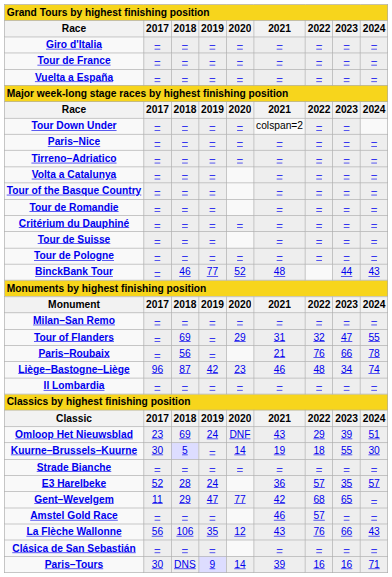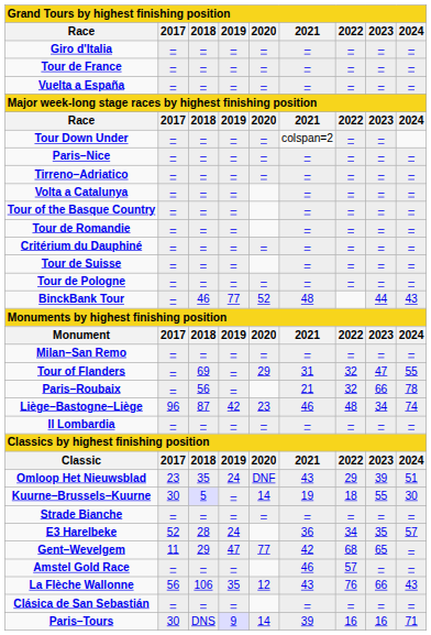 <table class="wikitable">
 <tr>
 <td colspan="33" style="background:#F7D51C;"><strong>Grand Tours by highest finishing position</strong></td>
 </tr>
 <tr>
 <th>Race</th>
 <th>2017</th>
 <th>2018</th>
 <th>2019</th>
 <th>2020</th>
 <th>2021</th>
 <th>2022</th>
 <th>2023</th>
 <th>2024</th>
 </tr>
 <tr align="center">
 <td><strong><a href='#'>Giro d'Italia</a></strong></td>
 <td style="background:#eee;"><a href='#'>–</a></td>
 <td style="background:#eee;"><a href='#'>–</a></td>
 <td style="background:#eee;"><a href='#'>–</a></td>
 <td style="background:#eee;"><a href='#'>–</a></td>
 <td style="background:#eee;"><a href='#'>–</a></td>
 <td style="background:#eee;"><a href='#'>–</a></td>
 <td style="background:#eee;"><a href='#'>–</a></td>
 <td style="background:#eee;"><a href='#'>–</a></td>
 </tr>
 <tr align="center">
 <td><strong><a href='#'>Tour de France</a></strong></td>
 <td style="background:#eee;"><a href='#'>–</a></td>
 <td style="background:#eee;"><a href='#'>–</a></td>
 <td style="background:#eee;"><a href='#'>–</a></td>
 <td style="background:#eee;"><a href='#'>–</a></td>
 <td style="background:#eee;"><a href='#'>–</a></td>
 <td style="background:#eee;"><a href='#'>–</a></td>
 <td style="background:#eee;"><a href='#'>–</a></td>
 <td style="background:#eee;"><a href='#'>–</a></td>
 </tr>
 <tr align="center">
 <td><strong><a href='#'>Vuelta a España</a></strong></td>
 <td style="background:#eee;"><a href='#'>–</a></td>
 <td style="background:#eee;"><a href='#'>–</a></td>
 <td style="background:#eee;"><a href='#'>–</a></td>
 <td style="background:#eee;"><a href='#'>–</a></td>
 <td style="background:#eee;"><a href='#'>–</a></td>
 <td style="background:#eee;"><a href='#'>–</a></td>
 <td style="background:#eee;"><a href='#'>–</a></td>
 <td style="background:#eee;"><a href='#'>–</a></td>
 </tr>
 <tr>
 <td colspan="33" style="background:#F7D51C;"><strong>Major week-long stage races by highest finishing position</strong></td>
 </tr>
 <tr>
 <th>Race</th>
 <th>2017</th>
 <th>2018</th>
 <th>2019</th>
 <th>2020</th>
 <th>2021</th>
 <th>2022</th>
 <th>2023</th>
 <th>2024</th>
 </tr>
 <tr align="center">
 <td><strong><a href='#'>Tour Down Under</a></strong></td>
 <td style="background:#eee;"><a href='#'>–</a></td>
 <td style="background:#eee;"><a href='#'>–</a></td>
 <td style="background:#eee;"><a href='#'>–</a></td>
 <td style="background:#eee;"><a href='#'>–</a></td>
 <td>colspan=2 </td>
 <td style="background:#eee;"><a href='#'>–</a></td>
 <td style="background:#eee;"><a href='#'>–</a></td>
 </tr>
 <tr align="center">
 <td><strong><a href='#'>Paris–Nice</a></strong></td>
 <td style="background:#eee;"><a href='#'>–</a></td>
 <td style="background:#eee;"><a href='#'>–</a></td>
 <td style="background:#eee;"><a href='#'>–</a></td>
 <td style="background:#eee;"><a href='#'>–</a></td>
 <td style="background:#eee;"><a href='#'>–</a></td>
 <td style="background:#eee;"><a href='#'>–</a></td>
 <td style="background:#eee;"><a href='#'>–</a></td>
 <td style="background:#eee;"><a href='#'>–</a></td>
 </tr>
 <tr align="center">
 <td><strong><a href='#'>Tirreno–Adriatico</a></strong></td>
 <td style="background:#eee;"><a href='#'>–</a></td>
 <td style="background:#eee;"><a href='#'>–</a></td>
 <td style="background:#eee;"><a href='#'>–</a></td>
 <td style="background:#eee;"><a href='#'>–</a></td>
 <td style="background:#eee;"><a href='#'>–</a></td>
 <td style="background:#eee;"><a href='#'>–</a></td>
 <td style="background:#eee;"><a href='#'>–</a></td>
 <td style="background:#eee;"><a href='#'>–</a></td>
 </tr>
 <tr align="center">
 <td><strong><a href='#'>Volta a Catalunya</a></strong></td>
 <td style="background:#eee;"><a href='#'>–</a></td>
 <td style="background:#eee;"><a href='#'>–</a></td>
 <td style="background:#eee;"><a href='#'>–</a></td>
 <td></td>
 <td style="background:#eee;"><a href='#'>–</a></td>
 <td style="background:#eee;"><a href='#'>–</a></td>
 <td style="background:#eee;"><a href='#'>–</a></td>
 <td style="background:#eee;"><a href='#'>–</a></td>
 </tr>
 <tr align="center">
 <td><strong><a href='#'>Tour of the Basque Country</a></strong></td>
 <td style="background:#eee;"><a href='#'>–</a></td>
 <td style="background:#eee;"><a href='#'>–</a></td>
 <td style="background:#eee;"><a href='#'>–</a></td>
 <td></td>
 <td style="background:#eee;"><a href='#'>–</a></td>
 <td style="background:#eee;"><a href='#'>–</a></td>
 <td style="background:#eee;"><a href='#'>–</a></td>
 <td style="background:#eee;"><a href='#'>–</a></td>
 </tr>
 <tr align="center">
 <td><strong><a href='#'>Tour de Romandie</a></strong></td>
 <td style="background:#eee;"><a href='#'>–</a></td>
 <td style="background:#eee;"><a href='#'>–</a></td>
 <td style="background:#eee;"><a href='#'>–</a></td>
 <td></td>
 <td style="background:#eee;"><a href='#'>–</a></td>
 <td style="background:#eee;"><a href='#'>–</a></td>
 <td style="background:#eee;"><a href='#'>–</a></td>
 <td style="background:#eee;"><a href='#'>–</a></td>
 </tr>
 <tr align="center">
 <td><strong><a href='#'>Critérium du Dauphiné</a></strong></td>
 <td style="background:#eee;"><a href='#'>–</a></td>
 <td style="background:#eee;"><a href='#'>–</a></td>
 <td style="background:#eee;"><a href='#'>–</a></td>
 <td style="background:#eee;"><a href='#'>–</a></td>
 <td style="background:#eee;"><a href='#'>–</a></td>
 <td style="background:#eee;"><a href='#'>–</a></td>
 <td style="background:#eee;"><a href='#'>–</a></td>
 <td style="background:#eee;"><a href='#'>–</a></td>
 </tr>
 <tr align="center">
 <td><strong><a href='#'>Tour de Suisse</a></strong></td>
 <td style="background:#eee;"><a href='#'>–</a></td>
 <td style="background:#eee;"><a href='#'>–</a></td>
 <td style="background:#eee;"><a href='#'>–</a></td>
 <td></td>
 <td style="background:#eee;"><a href='#'>–</a></td>
 <td style="background:#eee;"><a href='#'>–</a></td>
 <td style="background:#eee;"><a href='#'>–</a></td>
 <td style="background:#eee;"><a href='#'>–</a></td>
 </tr>
 <tr align="center">
 <td><strong><a href='#'>Tour de Pologne</a></strong></td>
 <td style="background:#eee;"><a href='#'>–</a></td>
 <td style="background:#eee;"><a href='#'>–</a></td>
 <td style="background:#eee;"><a href='#'>–</a></td>
 <td style="background:#eee;"><a href='#'>–</a></td>
 <td style="background:#eee;"><a href='#'>–</a></td>
 <td style="background:#eee;"><a href='#'>–</a></td>
 <td style="background:#eee;"><a href='#'>–</a></td>
 <td style="background:#eee;"><a href='#'>–</a></td>
 </tr>
 <tr align="center">
 <td><strong><a href='#'>BinckBank Tour</a></strong></td>
 <td style="background:#eee;"><a href='#'>–</a></td>
 <td style="background:#eee;"><a href='#'>46</a></td>
 <td style="background:#eee;"><a href='#'>77</a></td>
 <td style="background:#eee;"><a href='#'>52</a></td>
 <td style="background:#eee;"><a href='#'>48</a></td>
 <td></td>
 <td style="background:#eee;"><a href='#'>44</a></td>
 <td style="background:#eee;"><a href='#'>43</a></td>
 </tr>
 <tr>
 <td colspan="33" style="background:#F7D51C;"><strong>Monuments by highest finishing position</strong></td>
 </tr>
 <tr>
 <th>Monument</th>
 <th>2017</th>
 <th>2018</th>
 <th>2019</th>
 <th>2020</th>
 <th>2021</th>
 <th>2022</th>
 <th>2023</th>
 <th>2024</th>
 </tr>
 <tr align="center">
 <td><strong><a href='#'>Milan–San Remo</a></strong></td>
 <td style="background:#eee;"><a href='#'>–</a></td>
 <td style="background:#eee;"><a href='#'>–</a></td>
 <td style="background:#eee;"><a href='#'>–</a></td>
 <td style="background:#eee;"><a href='#'>–</a></td>
 <td style="background:#eee;"><a href='#'>–</a></td>
 <td style="background:#eee;"><a href='#'>–</a></td>
 <td style="background:#eee;"><a href='#'>–</a></td>
 <td style="background:#eee;"><a href='#'>–</a></td>
 </tr>
 <tr align="center">
 <td><strong><a href='#'>Tour of Flanders</a></strong></td>
 <td style="background:#eee;"><a href='#'>–</a></td>
 <td style="background:#eee;"><a href='#'>69</a></td>
 <td style="background:#eee;"><a href='#'>–</a></td>
 <td style="background:#eee;"><a href='#'>29</a></td>
 <td style="background:#eee;"><a href='#'>31</a></td>
 <td style="background:#eee;"><a href='#'>32</a></td>
 <td style="background:#eee;"><a href='#'>47</a></td>
 <td style="background:#eee;"><a href='#'>55</a></td>
 </tr>
 <tr align="center">
 <td><strong><a href='#'>Paris–Roubaix</a></strong></td>
 <td style="background:#eee;"><a href='#'>–</a></td>
 <td style="background:#eee;"><a href='#'>56</a></td>
 <td style="background:#eee;"><a href='#'>–</a></td>
 <td></td>
 <td style="background:#eee;"><a href='#'>21</a></td>
-<td style="background:#eee;"><a href='#'>76</a></td>
+<td style="background:#eee;"><a href='#'>32</a></td>
 <td style="background:#eee;"><a href='#'>66</a></td>
 <td style="background:#eee;"><a href='#'>78</a></td>
 </tr>
 <tr align="center">
 <td><strong><a href='#'>Liège–Bastogne–Liège</a></strong></td>
 <td style="background:#eee;"><a href='#'>96</a></td>
 <td style="background:#eee;"><a href='#'>87</a></td>
 <td style="background:#eee;"><a href='#'>42</a></td>
 <td style="background:#eee;"><a href='#'>23</a></td>
 <td style="background:#eee;"><a href='#'>46</a></td>
 <td style="background:#eee;"><a href='#'>48</a></td>
 <td style="background:#eee;"><a href='#'>34</a></td>
 <td style="background:#eee;"><a href='#'>74</a></td>
 </tr>
 <tr align="center">
 <td><strong><a href='#'>Il Lombardia</a></strong></td>
 <td style="background:#eee;"><a href='#'>–</a></td>
 <td style="background:#eee;"><a href='#'>–</a></td>
 <td style="background:#eee;"><a href='#'>–</a></td>
 <td style="background:#eee;"><a href='#'>–</a></td>
 <td style="background:#eee;"><a href='#'>–</a></td>
 <td style="background:#eee;"><a href='#'>–</a></td>
 <td style="background:#eee;"><a href='#'>–</a></td>
 <td style="background:#eee;"><a href='#'>–</a></td>
 </tr>
 <tr>
 <td colspan="33" style="background:#F7D51C;"><strong>Classics by highest finishing position</strong></td>
 </tr>
 <tr>
 <th>Classic</th>
 <th>2017</th>
 <th>2018</th>
 <th>2019</th>
 <th>2020</th>
 <th>2021</th>
 <th>2022</th>
 <th>2023</th>
 <th>2024</th>
 </tr>
 <tr align="center">
 <td><strong><a href='#'>Omloop Het Nieuwsblad</a></strong></td>
 <td style="background:#eee;"><a href='#'>23</a></td>
-<td style="background:#eee;"><a href='#'>69</a></td>
+<td style="background:#eee;"><a href='#'>35</a></td>
 <td style="background:#eee;"><a href='#'>24</a></td>
 <td style="background:#eee;"><a href='#'>DNF</a></td>
 <td style="background:#eee;"><a href='#'>43</a></td>
 <td style="background:#eee;"><a href='#'>29</a></td>
 <td style="background:#eee;"><a href='#'>39</a></td>
 <td style="background:#eee;"><a href='#'>51</a></td>
 </tr>
 <tr align="center">
 <td><strong><a href='#'>Kuurne–Brussels–Kuurne</a></strong></td>
 <td style="background:#eee;"><a href='#'>30</a></td>
 <td style="background:#ddf;"><a href='#'>5</a></td>
 <td style="background:#eee;"><a href='#'>–</a></td>
 <td style="background:#eee;"><a href='#'>14</a></td>
 <td style="background:#eee;"><a href='#'>19</a></td>
 <td style="background:#eee;"><a href='#'>18</a></td>
 <td style="background:#eee;"><a href='#'>55</a></td>
 <td style="background:#eee;"><a href='#'>30</a></td>
 </tr>
 <tr align="center">
 <td><strong><a href='#'>Strade Bianche</a></strong></td>
 <td style="background:#eee;"><a href='#'>–</a></td>
 <td style="background:#eee;"><a href='#'>–</a></td>
 <td style="background:#eee;"><a href='#'>–</a></td>
 <td style="background:#eee;"><a href='#'>–</a></td>
 <td style="background:#eee;"><a href='#'>–</a></td>
 <td style="background:#eee;"><a href='#'>–</a></td>
 <td style="background:#eee;"><a href='#'>–</a></td>
 <td style="background:#eee;"><a href='#'>–</a></td>
 </tr>
 <tr align="center">
 <td><strong><a href='#'>E3 Harelbeke</a></strong></td>
 <td style="background:#eee;"><a href='#'>52</a></td>
 <td style="background:#eee;"><a href='#'>28</a></td>
 <td style="background:#eee;"><a href='#'>24</a></td>
 <td></td>
 <td style="background:#eee;"><a href='#'>36</a></td>
-<td style="background:#eee;"><a href='#'>57</a></td>
+<td style="background:#eee;"><a href='#'>34</a></td>
 <td style="background:#eee;"><a href='#'>35</a></td>
 <td style="background:#eee;"><a href='#'>57</a></td>
 </tr>
 <tr align="center">
 <td><strong><a href='#'>Gent–Wevelgem</a></strong></td>
 <td style="background:#eee;"><a href='#'>11</a></td>
 <td style="background:#eee;"><a href='#'>29</a></td>
 <td style="background:#eee;"><a href='#'>47</a></td>
 <td style="background:#eee;"><a href='#'>77</a></td>
 <td style="background:#eee;"><a href='#'>42</a></td>
 <td style="background:#eee;"><a href='#'>68</a></td>
 <td style="background:#eee;"><a href='#'>65</a></td>
 <td style="background:#eee;"><a href='#'>–</a></td>
 </tr>
 <tr align="center">
 <td><strong><a href='#'>Amstel Gold Race</a></strong></td>
 <td style="background:#eee;"><a href='#'>–</a></td>
 <td style="background:#eee;"><a href='#'>–</a></td>
 <td style="background:#eee;"><a href='#'>–</a></td>
 <td></td>
 <td style="background:#eee;"><a href='#'>46</a></td>
 <td style="background:#eee;"><a href='#'>57</a></td>
 <td style="background:#eee;"><a href='#'>–</a></td>
 <td style="background:#eee;"><a href='#'>–</a></td>
 </tr>
 <tr align="center">
 <td><strong><a href='#'>La Flèche Wallonne</a></strong></td>
 <td style="background:#eee;"><a href='#'>56</a></td>
 <td style="background:#eee;"><a href='#'>106</a></td>
 <td style="background:#eee;"><a href='#'>35</a></td>
 <td style="background:#eee;"><a href='#'>12</a></td>
 <td style="background:#eee;"><a href='#'>43</a></td>
 <td style="background:#eee;"><a href='#'>76</a></td>
 <td style="background:#eee;"><a href='#'>66</a></td>
 <td style="background:#eee;"><a href='#'>43</a></td>
 </tr>
 <tr align="center">
 <td><strong><a href='#'>Clásica de San Sebastián</a></strong></td>
 <td style="background:#eee;"><a href='#'>–</a></td>
 <td style="background:#eee;"><a href='#'>–</a></td>
 <td style="background:#eee;"><a href='#'>–</a></td>
 <td></td>
 <td style="background:#eee;"><a href='#'>–</a></td>
 <td style="background:#eee;"><a href='#'>–</a></td>
 <td style="background:#eee;"><a href='#'>–</a></td>
 <td style="background:#eee;"><a href='#'>–</a></td>
 </tr>
 <tr align="center">
 <td><strong><a href='#'>Paris–Tours</a></strong></td>
 <td style="background:#eee;"><a href='#'>30</a></td>
 <td style="background:#eee;"><a href='#'>DNS</a></td>
 <td style="background:#ddf;"><a href='#'>9</a></td>
 <td style="background:#eee;"><a href='#'>14</a></td>
 <td style="background:#eee;"><a href='#'>39</a></td>
 <td style="background:#eee;"><a href='#'>16</a></td>
 <td style="background:#eee;"><a href='#'>16</a></td>
 <td style="background:#eee;"><a href='#'>71</a></td>
 </tr>
 </table>
